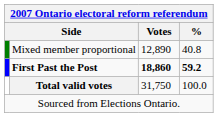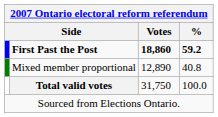 <table class="wikitable" style="font-size: 95%; clear:both">
 <tr style="background-color:#E9E9E9">
 <th colspan=4><a href='#'>2007 Ontario electoral reform referendum</a></th>
 </tr>
 <tr style="background-color:#E9E9E9">
 <th colspan=2 style="width: 130px">Side</th>
 <th style="width: 50px">Votes</th>
 <th style="width: 40px">%</th>
 </tr>
 <tr>
+<td bgcolor="blue"></td>
+<td><strong>First Past the Post</strong></td>
+<td><strong>18,860</strong></td>
+<td><strong>59.2</strong></td>
+</tr>
+<tr>
 <td bgcolor="green"></td>
 <td>Mixed member proportional</td>
 <td>12,890</td>
 <td>40.8</td>
-</tr>
-<tr>
-<td bgcolor="blue"></td>
-<td><strong>First Past the Post</strong></td>
-<td><strong>18,860</strong></td>
-<td><strong>59.2</strong></td>
 </tr>
 <tr>
 <td bgcolor="white"></td>
 <th>Total valid votes</th>
 <td>31,750</td>
 <td>100.0</td>
 </tr>
 <tr>
 <td colspan=4 align=center>Sourced from Elections Ontario.</td>
 </tr>
 </table>
